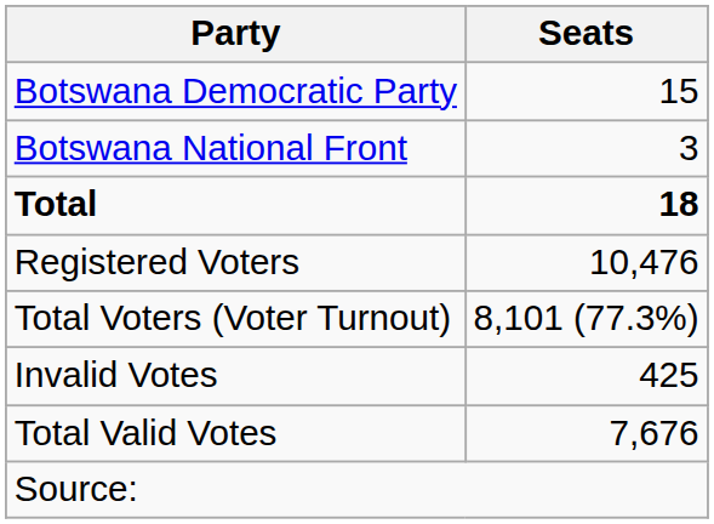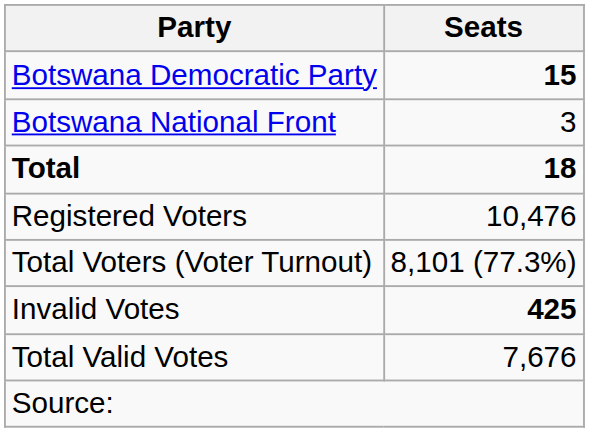 <table class=wikitable style=text-align:right>
 <tr>
 <th>Party</th>
 <th>Seats</th>
 </tr>
 <tr>
 <td align=left><a href='#'>Botswana Democratic Party</a></td>
-<td>15</td>
+<td><strong>15</strong></td>
 </tr>
 <tr>
 <td align=left><a href='#'>Botswana National Front</a></td>
 <td>3</td>
 </tr>
 <tr>
 <td align=left><strong>Total</strong></td>
 <td><strong>18</strong></td>
 </tr>
 <tr>
 <td align=left>Registered Voters</td>
 <td>10,476</td>
 </tr>
 <tr>
 <td align=left>Total Voters (Voter Turnout)</td>
 <td>8,101 (77.3%)</td>
 </tr>
 <tr>
 <td align=left>Invalid Votes</td>
-<td>425</td>
+<td><strong>425</strong></td>
 </tr>
 <tr>
 <td align=left>Total Valid Votes</td>
 <td>7,676</td>
 </tr>
 <tr>
 <td colspan=4 align=left>Source: </td>
 </tr>
 </table>
